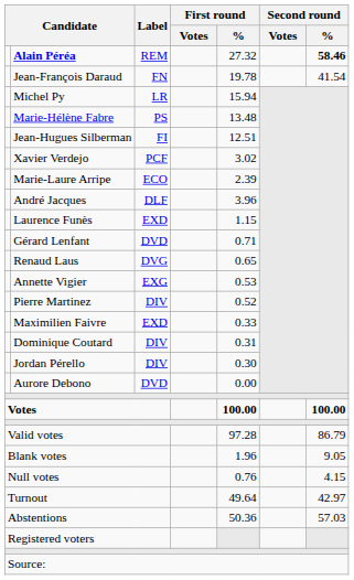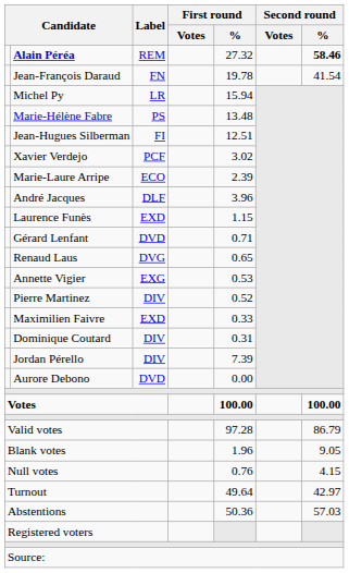 <table class="wikitable" style="text-align:right;font-size:95%;">
 <tr>
 <th rowspan="2" colspan="2">Candidate</th>
 <th rowspan="2">Label</th>
 <th colspan="2">First round</th>
 <th colspan="2">Second round</th>
 </tr>
 <tr>
 <th style="width:50px;">Votes</th>
 <th style="width:45px;">%</th>
 <th style="width:50px;">Votes</th>
 <th style="width:45px;">%</th>
 </tr>
 <tr>
 <td style="color:inherit;background:"></td>
 <td style="text-align:left;"><strong><a href='#'>Alain Péréa</a></strong></td>
 <td><a href='#'>REM</a></td>
 <td></td>
 <td>27.32</td>
 <td><strong></strong></td>
 <td><strong>58.46</strong></td>
 </tr>
 <tr>
 <td style="color:inherit;background:"></td>
 <td style="text-align:left;">Jean-François Daraud</td>
 <td><a href='#'>FN</a></td>
 <td></td>
 <td>19.78</td>
 <td></td>
 <td>41.54</td>
 </tr>
 <tr>
 <td style="color:inherit;background:"></td>
 <td style="text-align:left;">Michel Py</td>
 <td><a href='#'>LR</a></td>
 <td></td>
 <td>15.94</td>
 <td colspan="2" rowspan="15" style="background:#E9E9E9;"></td>
 </tr>
 <tr>
 <td style="color:inherit;background:"></td>
 <td style="text-align:left;"><a href='#'>Marie-Hélène Fabre</a></td>
 <td><a href='#'>PS</a></td>
 <td></td>
 <td>13.48</td>
 </tr>
 <tr>
 <td style="color:inherit;background:"></td>
 <td style="text-align:left;">Jean-Hugues Silberman</td>
 <td><a href='#'>FI</a></td>
 <td></td>
 <td>12.51</td>
 </tr>
 <tr>
 <td style="color:inherit;background:"></td>
 <td style="text-align:left;">Xavier Verdejo</td>
 <td><a href='#'>PCF</a></td>
 <td></td>
 <td>3.02</td>
 </tr>
 <tr>
 <td style="color:inherit;background:"></td>
 <td style="text-align:left;">Marie-Laure Arripe</td>
 <td><a href='#'>ECO</a></td>
 <td></td>
 <td>2.39</td>
 </tr>
 <tr>
 <td style="color:inherit;background:"></td>
 <td style="text-align:left;">André Jacques</td>
 <td><a href='#'>DLF</a></td>
 <td></td>
 <td>3.96</td>
 </tr>
 <tr>
 <td style="color:inherit;background:"></td>
 <td style="text-align:left;">Laurence Funès</td>
 <td><a href='#'>EXD</a></td>
 <td></td>
 <td>1.15</td>
 </tr>
 <tr>
 <td style="color:inherit;background:"></td>
 <td style="text-align:left;">Gérard Lenfant</td>
 <td><a href='#'>DVD</a></td>
 <td></td>
 <td>0.71</td>
 </tr>
 <tr>
 <td style="color:inherit;background:"></td>
 <td style="text-align:left;">Renaud Laus</td>
 <td><a href='#'>DVG</a></td>
 <td></td>
 <td>0.65</td>
 </tr>
 <tr>
 <td style="color:inherit;background:"></td>
 <td style="text-align:left;">Annette Vigier</td>
 <td><a href='#'>EXG</a></td>
 <td></td>
 <td>0.53</td>
 </tr>
 <tr>
 <td style="color:inherit;background:"></td>
 <td style="text-align:left;">Pierre Martinez</td>
 <td><a href='#'>DIV</a></td>
 <td></td>
 <td>0.52</td>
 </tr>
 <tr>
 <td style="color:inherit;background:"></td>
 <td style="text-align:left;">Maximilien Faivre</td>
 <td><a href='#'>EXD</a></td>
 <td></td>
 <td>0.33</td>
 </tr>
 <tr>
 <td style="color:inherit;background:"></td>
 <td style="text-align:left;">Dominique Coutard</td>
 <td><a href='#'>DIV</a></td>
 <td></td>
 <td>0.31</td>
 </tr>
 <tr>
 <td style="color:inherit;background:"></td>
 <td style="text-align:left;">Jordan Pérello</td>
 <td><a href='#'>DIV</a></td>
 <td></td>
-<td>0.30</td>
+<td>7.39</td>
 </tr>
 <tr>
 <td style="color:inherit;background:"></td>
 <td style="text-align:left;">Aurore Debono</td>
 <td><a href='#'>DVD</a></td>
 <td></td>
 <td>0.00</td>
 </tr>
 <tr>
 <td colspan="7" style="background:#E9E9E9;"></td>
 </tr>
 <tr style="font-weight:bold;">
 <td colspan="3" style="text-align:left;">Votes</td>
 <td></td>
 <td>100.00</td>
 <td></td>
 <td>100.00</td>
 </tr>
 <tr>
 <td colspan="7" style="background:#E9E9E9;"></td>
 </tr>
 <tr>
 <td colspan="3" style="text-align:left;">Valid votes</td>
 <td></td>
 <td>97.28</td>
 <td></td>
 <td>86.79</td>
 </tr>
 <tr>
 <td colspan="3" style="text-align:left;">Blank votes</td>
 <td></td>
 <td>1.96</td>
 <td></td>
 <td>9.05</td>
 </tr>
 <tr>
 <td colspan="3" style="text-align:left;">Null votes</td>
 <td></td>
 <td>0.76</td>
 <td></td>
 <td>4.15</td>
 </tr>
 <tr>
 <td colspan="3" style="text-align:left;">Turnout</td>
 <td></td>
 <td>49.64</td>
 <td></td>
 <td>42.97</td>
 </tr>
 <tr>
 <td colspan="3" style="text-align:left;">Abstentions</td>
 <td></td>
 <td>50.36</td>
 <td></td>
 <td>57.03</td>
 </tr>
 <tr>
 <td colspan="3" style="text-align:left;">Registered voters</td>
 <td></td>
 <td style="background:#E9E9E9;"></td>
 <td></td>
 <td style="background:#E9E9E9;"></td>
 </tr>
 <tr>
 <td colspan="7" style="background:#E9E9E9;"></td>
 </tr>
 <tr>
 <td colspan="7" style="text-align:left;">Source: </td>
 </tr>
 </table>
